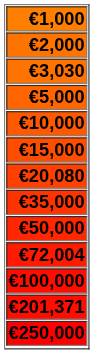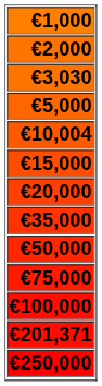 <table border=-2 cellspacing=1 cellpadding=1 width=50px|->
 <tr>
 <td bgcolor="#FF8000" align=right><span><strong>€1,000</strong></span></td>
 </tr>
 <tr ->
 <td bgcolor="#FF7300" align=right><span><strong>€2,000</strong></span></td>
 </tr>
 <tr ->
 <td bgcolor="#FF7300" align=right><span><strong>€3,030</strong></span></td>
 </tr>
 <tr ->
 <td bgcolor="#FF6600" align=right><span><strong>€5,000</strong></span></td>
 </tr>
 <tr ->
-<td bgcolor="#FF5900" align=right><span><strong>€10,000</strong></span></td>
+<td bgcolor="#FF5900" align=right><span><strong>€10,004</strong></span></td>
 </tr>
 <tr ->
 <td bgcolor="#FF4D00" align=right><span><strong>€15,000</strong></span></td>
 </tr>
 <tr ->
-<td bgcolor="#FF4000" align=right><span><strong>€20,080</strong></span></td>
+<td bgcolor="#FF4000" align=right><span><strong>€20,000</strong></span></td>
 </tr>
 <tr ->
 <td bgcolor="#FF3300" align=right><span><strong>€35,000</strong></span></td>
 </tr>
 <tr ->
 <td bgcolor="#FF2600" align=right><span><strong>€50,000</strong></span></td>
 </tr>
 <tr ->
-<td bgcolor="#FF1A00" align=right><span><strong>€72,004</strong></span></td>
+<td bgcolor="#FF1A00" align=right><span><strong>€75,000</strong></span></td>
 </tr>
 <tr ->
 <td bgcolor="#FF0D00" align=right><span><strong>€100,000</strong></span></td>
 </tr>
 <tr ->
 <td bgcolor="#FF0D00" align=right><span><strong>€201,371</strong></span></td>
 </tr>
 <tr ->
 <td bgcolor="#FF0000" align=right><span><strong>€250,000</strong></span></td>
 </tr>
 <tr ->
 </tr>
 </table>
